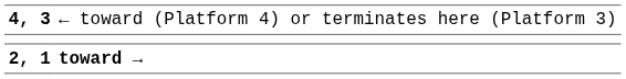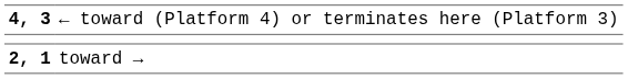 <table border="1" cellspacing="0" cellpadding="3" frame="hsides" rules="rows">
 <tr>
 <th><span>4, 3</span></th>
 <td>←  toward  (Platform 4) or terminates here (Platform 3)</td>
 </tr>
 <tr>
 <th></th>
 <td></td>
 </tr>
 <tr>
 <th><span>2, 1</span></th>
-<td><strong>  toward  →</strong></td>
+<td>  toward  →</td>
 </tr>
 </table>
